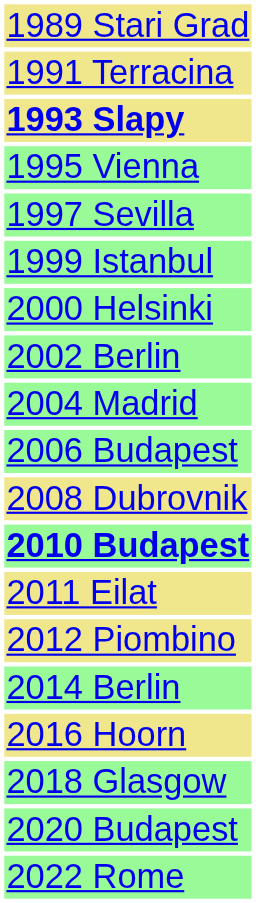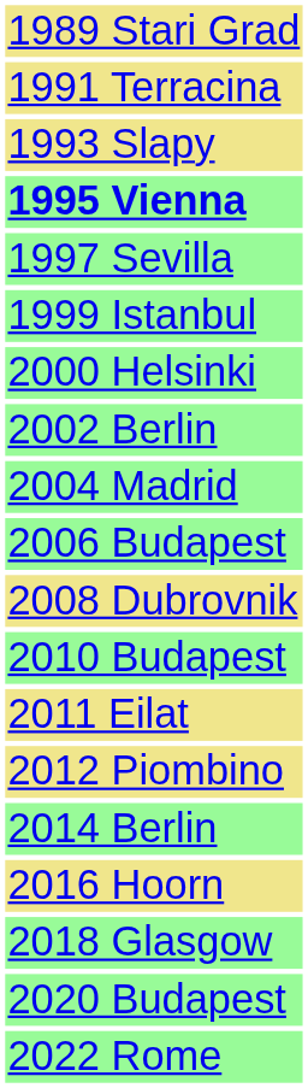 <table>
 <tr>
 <td bgcolor=khaki><a href='#'>1989 Stari Grad</a></td>
 <td></td>
 <td></td>
 <td></td>
 </tr>
 <tr>
 <td bgcolor=khaki><a href='#'>1991 Terracina</a></td>
 <td></td>
 <td></td>
 <td></td>
 </tr>
 <tr>
-<td bgcolor=khaki><strong><a href='#'>1993 Slapy</a></strong></td>
+<td bgcolor=khaki><a href='#'>1993 Slapy</a></td>
 <td></td>
 <td></td>
 <td></td>
 </tr>
 <tr>
-<td bgcolor=palegreen><a href='#'>1995 Vienna</a></td>
+<td bgcolor=palegreen><strong><a href='#'>1995 Vienna</a></strong></td>
 <td></td>
 <td></td>
 <td></td>
 </tr>
 <tr>
 <td bgcolor=palegreen><a href='#'>1997 Sevilla</a></td>
 <td></td>
 <td></td>
 <td></td>
 </tr>
 <tr>
 <td bgcolor=palegreen><a href='#'>1999 Istanbul</a></td>
 <td></td>
 <td></td>
 <td></td>
 </tr>
 <tr>
 <td bgcolor=palegreen><a href='#'>2000 Helsinki</a></td>
 <td></td>
 <td></td>
 <td></td>
 </tr>
 <tr>
 <td bgcolor=palegreen><a href='#'>2002 Berlin</a></td>
 <td></td>
 <td></td>
 <td></td>
 </tr>
 <tr>
 <td bgcolor=palegreen><a href='#'>2004 Madrid</a></td>
 <td></td>
 <td></td>
 <td></td>
 </tr>
 <tr>
 <td bgcolor=palegreen><a href='#'>2006 Budapest</a></td>
 <td></td>
 <td></td>
 <td><br></td>
 </tr>
 <tr>
 <td bgcolor=khaki><a href='#'>2008 Dubrovnik</a></td>
 <td></td>
 <td></td>
 <td></td>
 </tr>
 <tr>
-<td bgcolor=palegreen><strong><a href='#'>2010 Budapest</a></strong></td>
+<td bgcolor=palegreen><a href='#'>2010 Budapest</a></td>
 <td></td>
 <td></td>
 <td></td>
 </tr>
 <tr>
 <td bgcolor=khaki><a href='#'>2011 Eilat</a></td>
 <td></td>
 <td></td>
 <td></td>
 </tr>
 <tr>
 <td bgcolor=khaki><a href='#'>2012 Piombino</a></td>
 <td></td>
 <td></td>
 <td></td>
 </tr>
 <tr>
 <td bgcolor=palegreen><a href='#'>2014 Berlin</a></td>
 <td></td>
 <td></td>
 <td></td>
 </tr>
 <tr>
 <td bgcolor=khaki><a href='#'>2016 Hoorn</a></td>
 <td></td>
 <td></td>
 <td></td>
 </tr>
 <tr>
 <td bgcolor=palegreen><a href='#'>2018 Glasgow</a></td>
 <td></td>
 <td></td>
 <td></td>
 </tr>
 <tr>
 <td bgcolor=palegreen><a href='#'>2020 Budapest</a></td>
 <td></td>
 <td></td>
 <td></td>
 </tr>
 <tr>
 <td bgcolor=palegreen><a href='#'>2022 Rome</a></td>
 <td></td>
 <td></td>
 <td></td>
 </tr>
 </table>
